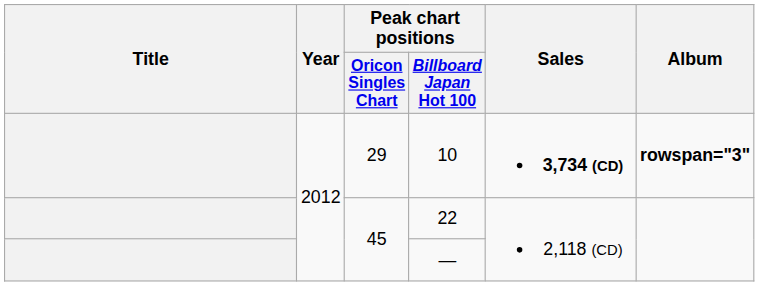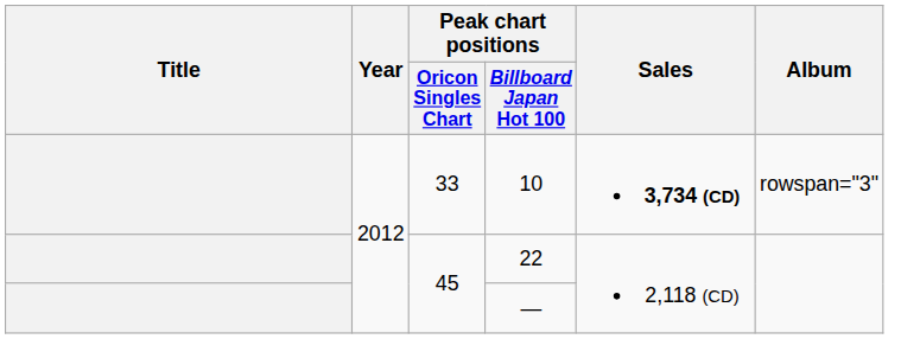 <table class="wikitable plainrowheaders" style="text-align:center;" border="1">
 <tr>
 <th scope="col" rowspan="2" style="width:16em;">Title</th>
 <th scope="col" rowspan="2">Year</th>
 <th scope="col" colspan="2">Peak chart positions</th>
 <th scope="col" rowspan="2" style="width:8em;">Sales</th>
 <th scope="col" rowspan="2">Album</th>
 </tr>
 <tr>
 <th scope="col" style="width:3em;font-size:90%;"><a href='#'>Oricon Singles Chart</a><br></th>
 <th scope="col" style="width:3em;font-size:90%;"><a href='#'><em>Billboard Japan</em> Hot 100</a><br></th>
 </tr>
 <tr>
 <th scope="row"></th>
 <td rowspan="3">2012</td>
-<td>29</td>
+<td>33</td>
 <td>10</td>
 <td><strong><br><ul><li>3,734 <small>(CD)</small></li></ul></strong></td>
-<td><strong>rowspan="3" </strong></td>
+<td>rowspan="3" </td>
 </tr>
 <tr>
 <th scope="row"></th>
 <td rowspan="2">45</td>
 <td>22</td>
 <td rowspan="2"><br><ul><li>2,118 <small>(CD)</small></li></ul></td>
 </tr>
 <tr>
 <th scope="row"></th>
 <td>—</td>
 </tr>
 </table>
